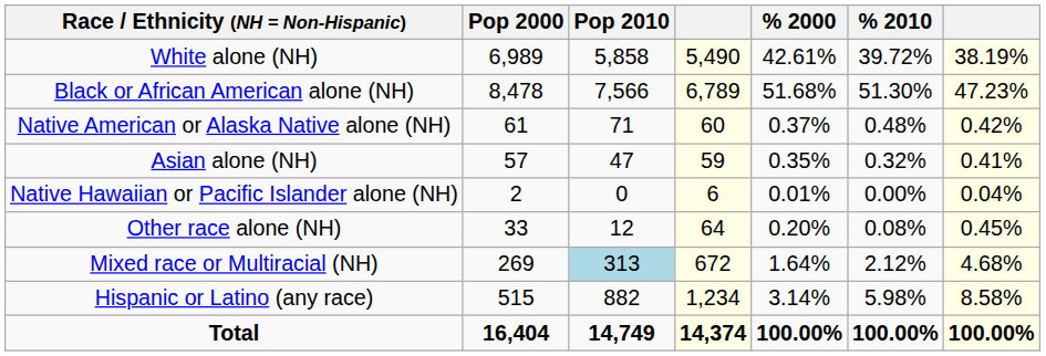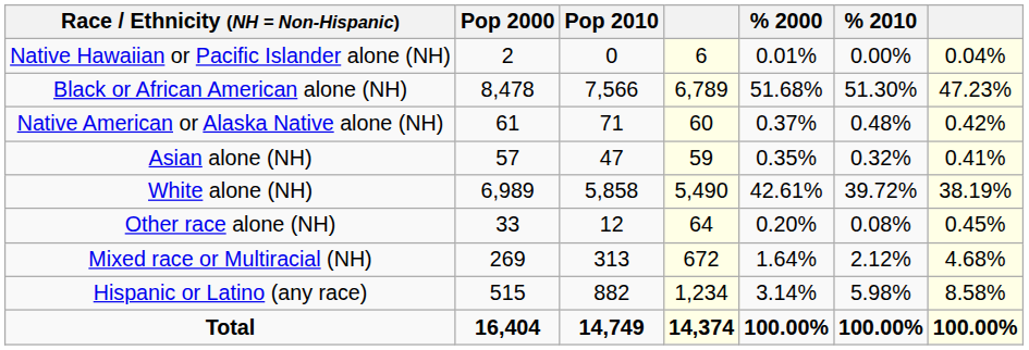 <table class="wikitable" style="text-align:center;">
 <tr>
 <th>Race / Ethnicity <small>(<em>NH = Non-Hispanic</em>)</small></th>
 <th>Pop 2000</th>
 <th>Pop 2010</th>
 <th></th>
 <th>% 2000</th>
 <th>% 2010</th>
 <th></th>
 </tr>
 <tr>
-<td><a href='#'>White</a> alone (NH)</td>
-<td>6,989</td>
-<td>5,858</td>
-<td style='background: #ffffe6;'>5,490</td>
-<td>42.61%</td>
-<td>39.72%</td>
-<td style='background: #ffffe6;'>38.19%</td>
+<td><a href='#'>Native Hawaiian</a> or <a href='#'>Pacific Islander</a> alone (NH)</td>
+<td>2</td>
+<td>0</td>
+<td style='background: #ffffe6;'>6</td>
+<td>0.01%</td>
+<td>0.00%</td>
+<td style='background: #ffffe6;'>0.04%</td>
 </tr>
 <tr>
 <td><a href='#'>Black or African American</a> alone (NH)</td>
 <td>8,478</td>
 <td>7,566</td>
 <td style='background: #ffffe6;'>6,789</td>
 <td>51.68%</td>
 <td>51.30%</td>
 <td style='background: #ffffe6;'>47.23%</td>
 </tr>
 <tr>
 <td><a href='#'>Native American</a> or <a href='#'>Alaska Native</a> alone (NH)</td>
 <td>61</td>
 <td>71</td>
 <td style='background: #ffffe6;'>60</td>
 <td>0.37%</td>
 <td>0.48%</td>
 <td style='background: #ffffe6;'>0.42%</td>
 </tr>
 <tr>
 <td><a href='#'>Asian</a> alone (NH)</td>
 <td>57</td>
 <td>47</td>
 <td style='background: #ffffe6;'>59</td>
 <td>0.35%</td>
 <td>0.32%</td>
 <td style='background: #ffffe6;'>0.41%</td>
 </tr>
 <tr>
-<td><a href='#'>Native Hawaiian</a> or <a href='#'>Pacific Islander</a> alone (NH)</td>
-<td>2</td>
-<td>0</td>
-<td style='background: #ffffe6;'>6</td>
-<td>0.01%</td>
-<td>0.00%</td>
-<td style='background: #ffffe6;'>0.04%</td>
+<td><a href='#'>White</a> alone (NH)</td>
+<td>6,989</td>
+<td>5,858</td>
+<td style='background: #ffffe6;'>5,490</td>
+<td>42.61%</td>
+<td>39.72%</td>
+<td style='background: #ffffe6;'>38.19%</td>
 </tr>
 <tr>
 <td><a href='#'>Other race</a> alone (NH)</td>
 <td>33</td>
 <td>12</td>
 <td style='background: #ffffe6;'>64</td>
 <td>0.20%</td>
 <td>0.08%</td>
 <td style='background: #ffffe6;'>0.45%</td>
 </tr>
 <tr>
 <td><a href='#'>Mixed race or Multiracial</a> (NH)</td>
 <td>269</td>
-<td style="background: lightblue;">313</td>
+<td>313</td>
 <td style='background: #ffffe6;'>672</td>
 <td>1.64%</td>
 <td>2.12%</td>
 <td style='background: #ffffe6;'>4.68%</td>
 </tr>
 <tr>
 <td><a href='#'>Hispanic or Latino</a> (any race)</td>
 <td>515</td>
 <td>882</td>
 <td style='background: #ffffe6;'>1,234</td>
 <td>3.14%</td>
 <td>5.98%</td>
 <td style='background: #ffffe6;'>8.58%</td>
 </tr>
 <tr>
 <td><strong>Total</strong></td>
 <td><strong>16,404</strong></td>
 <td><strong>14,749</strong></td>
 <td style='background: #ffffe6;'><strong>14,374</strong></td>
 <td><strong>100.00%</strong></td>
 <td><strong>100.00%</strong></td>
 <td style='background: #ffffe6;'><strong>100.00%</strong></td>
 </tr>
 </table>
